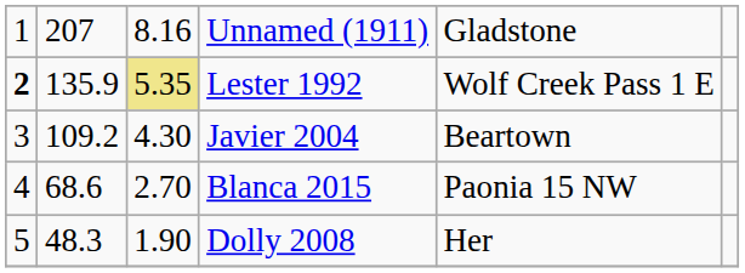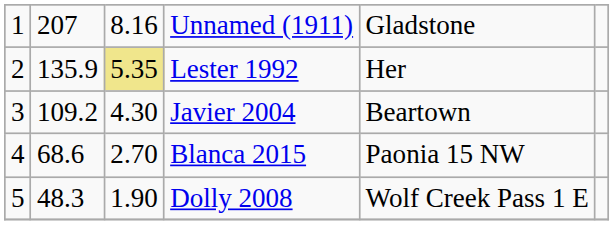 <table class="wikitable">
 <tr>
 <td>1</td>
 <td>207</td>
 <td>8.16</td>
 <td><a href='#'>Unnamed (1911)</a></td>
 <td>Gladstone</td>
 <td></td>
 </tr>
 <tr>
-<td><strong>2</strong></td>
+<td>2</td>
 <td>135.9</td>
 <td style="background: khaki;">5.35</td>
 <td><a href='#'>Lester 1992</a></td>
-<td>Wolf Creek Pass 1 E</td>
+<td>Her</td>
 <td></td>
 </tr>
 <tr>
 <td>3</td>
 <td>109.2</td>
 <td>4.30</td>
 <td><a href='#'>Javier 2004</a></td>
 <td>Beartown</td>
 <td></td>
 </tr>
 <tr>
 <td>4</td>
 <td>68.6</td>
 <td>2.70</td>
 <td><a href='#'>Blanca 2015</a></td>
 <td>Paonia 15 NW</td>
 <td></td>
 </tr>
 <tr>
 <td>5</td>
 <td>48.3</td>
 <td>1.90</td>
 <td><a href='#'>Dolly 2008</a></td>
-<td>Her</td>
+<td>Wolf Creek Pass 1 E</td>
 <td></td>
 </tr>
 <tr>
 </tr>
 </table>
